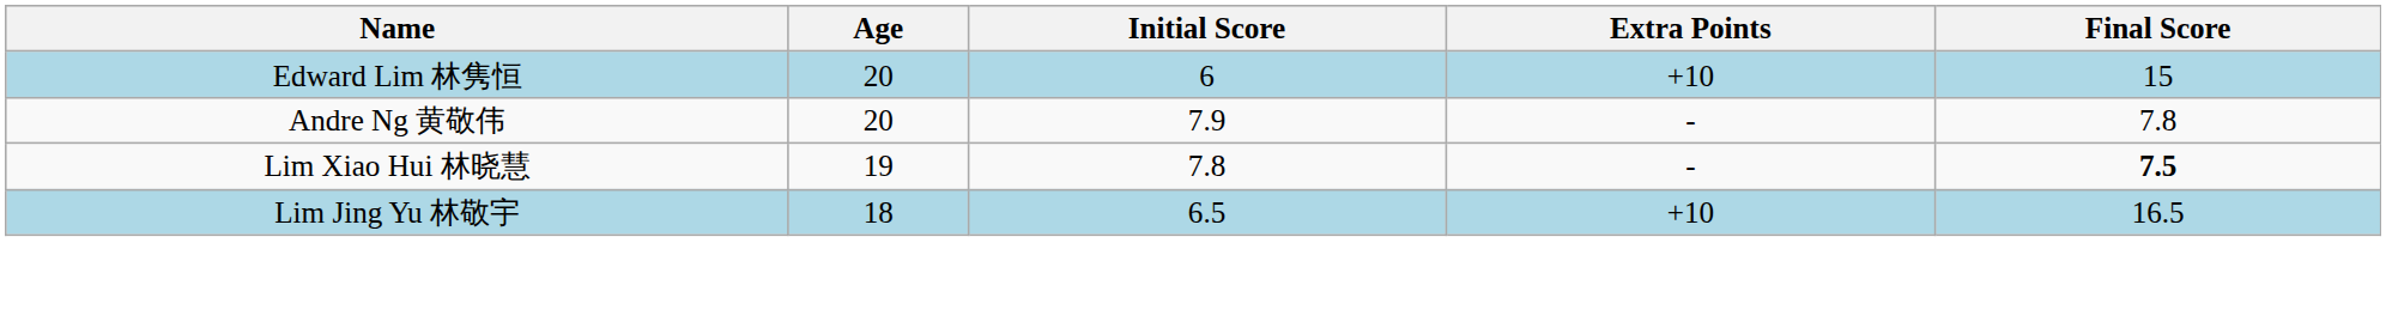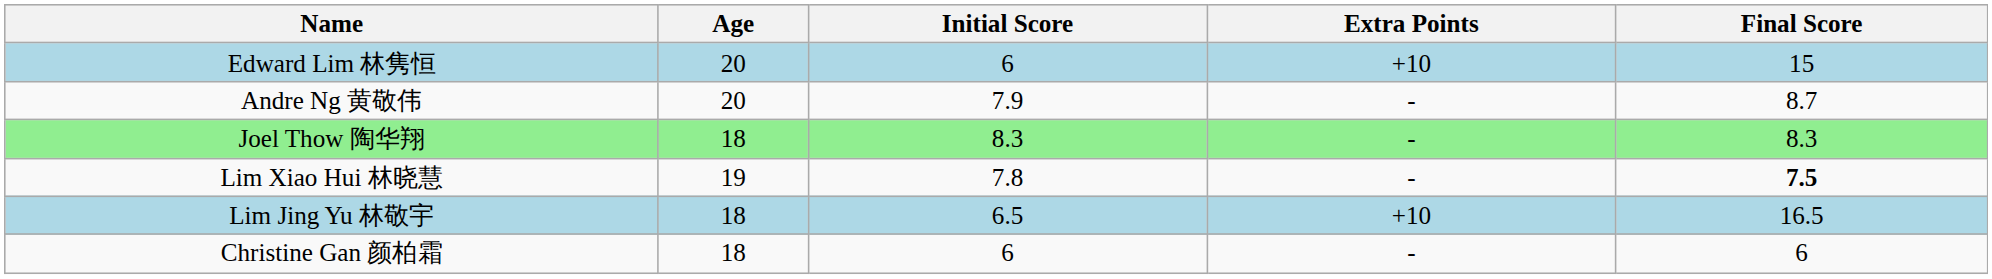 <table class="wikitable" style="text-align:center; line-height:17px; width:100%;">
 <tr>
 <th scope="col">Name</th>
 <th scope="col">Age</th>
 <th scope="col">Initial Score</th>
 <th scope="col">Extra Points</th>
 <th scope="col">Final Score</th>
 </tr>
 <tr>
 <td style="background:lightblue;">Edward Lim 林隽恒</td>
 <td style="background:lightblue;">20</td>
 <td style="background:lightblue;">6</td>
 <td style="background:lightblue;">+10</td>
 <td style="background:lightblue;">15</td>
 </tr>
 <tr>
 <td>Andre Ng 黄敬伟</td>
 <td>20</td>
 <td>7.9</td>
 <td>-</td>
-<td>7.8</td>
+<td>8.7</td>
+</tr>
+<tr>
+<td style="background:lightgreen;">Joel Thow 陶华翔</td>
+<td style="background:lightgreen;">18</td>
+<td style="background:lightgreen;">8.3</td>
+<td style="background:lightgreen;">-</td>
+<td style="background:lightgreen;">8.3</td>
 </tr>
 <tr>
 <td>Lim Xiao Hui 林晓慧</td>
 <td>19</td>
 <td>7.8</td>
 <td>-</td>
 <td><strong>7.5</strong></td>
 </tr>
 <tr>
 <td style="background:lightblue;">Lim Jing Yu 林敬宇</td>
 <td style="background:lightblue;">18</td>
 <td style="background:lightblue;">6.5</td>
 <td style="background:lightblue;">+10</td>
 <td style="background:lightblue;">16.5</td>
 </tr>
+<tr>
+<td>Christine Gan 颜柏霜</td>
+<td>18</td>
+<td>6</td>
+<td>-</td>
+<td>6</td>
+</tr>
 </table>
